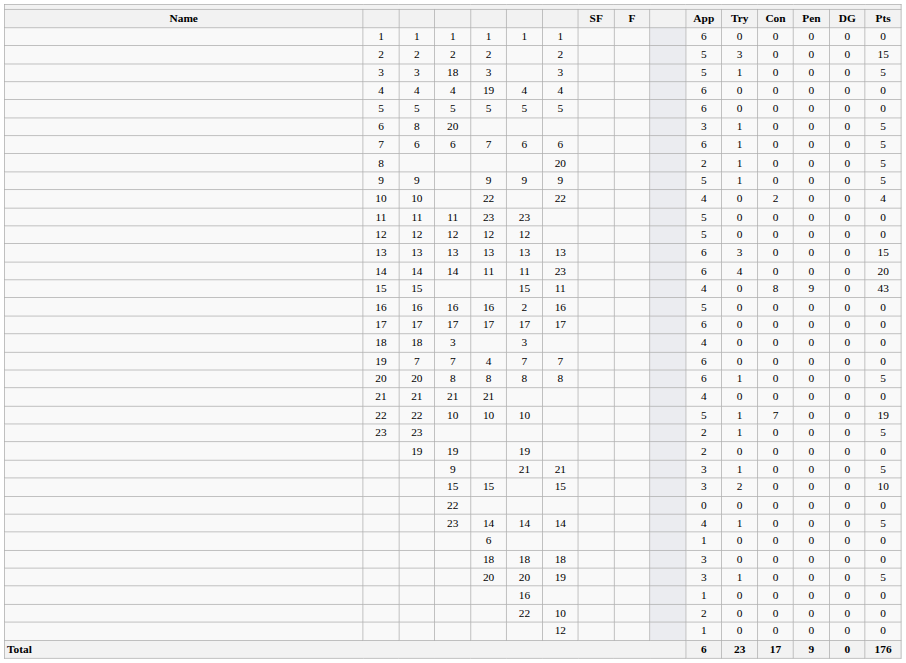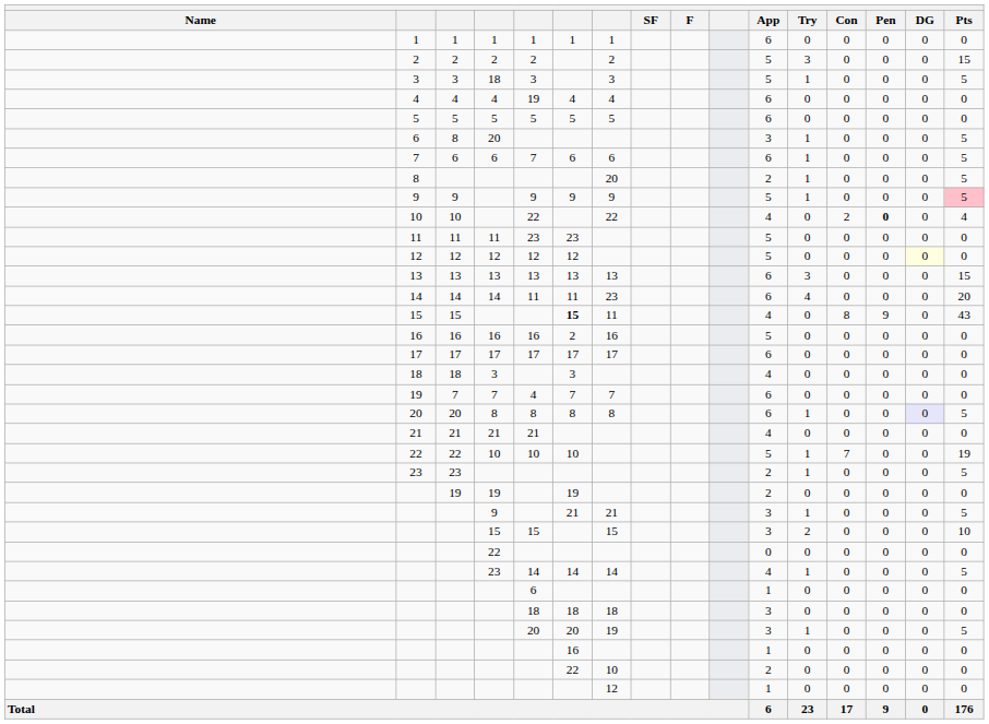 <table class="wikitable collapsible collapsed" style="text-align:center; font-size:100%; width:100%">
 <tr>
 <th colspan="100%"></th>
 </tr>
 <tr>
 <th style="width:40%;">Name</th>
 <th style="width:4%;"></th>
 <th style="width:4%;"></th>
 <th style="width:4%;"></th>
 <th style="width:4%;"></th>
 <th style="width:4%;"></th>
 <th style="width:4%;"></th>
 <th style="width:4%;">SF</th>
 <th style="width:4%;">F</th>
 <th style="width:4%;"></th>
 <th style="width:4%;">App</th>
 <th style="width:4%;">Try</th>
 <th style="width:4%;">Con</th>
 <th style="width:4%;">Pen</th>
 <th style="width:4%;">DG</th>
 <th style="width:4%;">Pts</th>
 </tr>
 <tr>
 <td style="text-align:left;"></td>
 <td>1</td>
 <td>1</td>
 <td>1</td>
 <td>1</td>
 <td>1</td>
 <td>1</td>
 <td></td>
 <td></td>
 <td style="background:#EBECF0;"></td>
 <td>6</td>
 <td>0</td>
 <td>0</td>
 <td>0</td>
 <td>0</td>
 <td>0</td>
 </tr>
 <tr>
 <td style="text-align:left;"></td>
 <td>2</td>
 <td>2</td>
 <td>2</td>
 <td>2</td>
 <td></td>
 <td>2</td>
 <td></td>
 <td></td>
 <td style="background:#EBECF0;"></td>
 <td>5</td>
 <td>3</td>
 <td>0</td>
 <td>0</td>
 <td>0</td>
 <td>15</td>
 </tr>
 <tr>
 <td style="text-align:left;"></td>
 <td>3</td>
 <td>3</td>
 <td>18 </td>
 <td>3</td>
 <td></td>
 <td>3</td>
 <td></td>
 <td></td>
 <td style="background:#EBECF0;"></td>
 <td>5</td>
 <td>1</td>
 <td>0</td>
 <td>0</td>
 <td>0</td>
 <td>5</td>
 </tr>
 <tr>
 <td style="text-align:left;"></td>
 <td>4</td>
 <td>4</td>
 <td>4</td>
 <td>19 </td>
 <td>4</td>
 <td>4</td>
 <td></td>
 <td></td>
 <td style="background:#EBECF0;"></td>
 <td>6</td>
 <td>0</td>
 <td>0</td>
 <td>0</td>
 <td>0</td>
 <td>0</td>
 </tr>
 <tr>
 <td style="text-align:left;"></td>
 <td>5</td>
 <td>5</td>
 <td>5</td>
 <td>5</td>
 <td>5</td>
 <td>5</td>
 <td></td>
 <td></td>
 <td style="background:#EBECF0;"></td>
 <td>6</td>
 <td>0</td>
 <td>0</td>
 <td>0</td>
 <td>0</td>
 <td>0</td>
 </tr>
 <tr>
 <td style="text-align:left;"></td>
 <td>6</td>
 <td>8</td>
 <td>20 </td>
 <td></td>
 <td></td>
 <td></td>
 <td></td>
 <td></td>
 <td style="background:#EBECF0;"></td>
 <td>3</td>
 <td>1</td>
 <td>0</td>
 <td>0</td>
 <td>0</td>
 <td>5</td>
 </tr>
 <tr>
 <td style="text-align:left;"></td>
 <td>7</td>
 <td>6</td>
 <td>6</td>
 <td>7</td>
 <td>6</td>
 <td>6</td>
 <td></td>
 <td></td>
 <td style="background:#EBECF0;"></td>
 <td>6</td>
 <td>1</td>
 <td>0</td>
 <td>0</td>
 <td>0</td>
 <td>5</td>
 </tr>
 <tr>
 <td style="text-align:left;"></td>
 <td>8</td>
 <td></td>
 <td></td>
 <td></td>
 <td></td>
 <td>20 </td>
 <td></td>
 <td></td>
 <td style="background:#EBECF0;"></td>
 <td>2</td>
 <td>1</td>
 <td>0</td>
 <td>0</td>
 <td>0</td>
 <td>5</td>
 </tr>
 <tr>
 <td style="text-align:left;"></td>
 <td>9</td>
 <td>9</td>
 <td></td>
 <td>9</td>
 <td>9</td>
 <td>9</td>
 <td></td>
 <td></td>
 <td style="background:#EBECF0;"></td>
 <td>5</td>
 <td>1</td>
 <td>0</td>
 <td>0</td>
 <td>0</td>
-<td>5</td>
+<td style="background: pink;">5</td>
 </tr>
 <tr>
 <td style="text-align:left;"></td>
 <td>10</td>
 <td>10</td>
 <td></td>
 <td>22 </td>
 <td></td>
 <td>22 </td>
 <td></td>
 <td></td>
 <td style="background:#EBECF0;"></td>
 <td>4</td>
 <td>0</td>
 <td>2</td>
-<td>0</td>
+<td><strong>0</strong></td>
 <td>0</td>
 <td>4</td>
 </tr>
 <tr>
 <td style="text-align:left;"></td>
 <td>11</td>
 <td>11</td>
 <td>11</td>
 <td>23 </td>
 <td>23 </td>
 <td></td>
 <td></td>
 <td></td>
 <td style="background:#EBECF0;"></td>
 <td>5</td>
 <td>0</td>
 <td>0</td>
 <td>0</td>
 <td>0</td>
 <td>0</td>
 </tr>
 <tr>
 <td style="text-align:left;"></td>
 <td>12</td>
 <td>12</td>
 <td>12</td>
 <td>12</td>
 <td>12</td>
 <td></td>
 <td></td>
 <td></td>
 <td style="background:#EBECF0;"></td>
 <td>5</td>
 <td>0</td>
 <td>0</td>
 <td>0</td>
-<td>0</td>
+<td style="background: lightyellow;">0</td>
 <td>0</td>
 </tr>
 <tr>
 <td style="text-align:left;"></td>
 <td>13</td>
 <td>13</td>
 <td>13</td>
 <td>13</td>
 <td>13</td>
 <td>13</td>
 <td></td>
 <td></td>
 <td style="background:#EBECF0;"></td>
 <td>6</td>
 <td>3</td>
 <td>0</td>
 <td>0</td>
 <td>0</td>
 <td>15</td>
 </tr>
 <tr>
 <td style="text-align:left;"></td>
 <td>14</td>
 <td>14</td>
 <td>14</td>
 <td>11</td>
 <td>11</td>
 <td>23 </td>
 <td></td>
 <td></td>
 <td style="background:#EBECF0;"></td>
 <td>6</td>
 <td>4</td>
 <td>0</td>
 <td>0</td>
 <td>0</td>
 <td>20</td>
 </tr>
 <tr>
 <td style="text-align:left;"></td>
 <td>15</td>
 <td>15</td>
 <td></td>
 <td></td>
-<td>15</td>
+<td><strong>15</strong></td>
 <td>11</td>
 <td></td>
 <td></td>
 <td style="background:#EBECF0;"></td>
 <td>4</td>
 <td>0</td>
 <td>8</td>
 <td>9</td>
 <td>0</td>
 <td>43</td>
 </tr>
 <tr>
 <td style="text-align:left;"></td>
 <td>16 </td>
 <td>16 </td>
 <td>16 </td>
 <td>16 </td>
 <td>2</td>
 <td>16</td>
 <td></td>
 <td></td>
 <td style="background:#EBECF0;"></td>
 <td>5</td>
 <td>0</td>
 <td>0</td>
 <td>0</td>
 <td>0</td>
 <td>0</td>
 </tr>
 <tr>
 <td style="text-align:left;"></td>
 <td>17 </td>
 <td>17 </td>
 <td>17 </td>
 <td>17 </td>
 <td>17 </td>
 <td>17 </td>
 <td></td>
 <td></td>
 <td style="background:#EBECF0;"></td>
 <td>6</td>
 <td>0</td>
 <td>0</td>
 <td>0</td>
 <td>0</td>
 <td>0</td>
 </tr>
 <tr>
 <td style="text-align:left;"></td>
 <td>18 </td>
 <td>18 </td>
 <td>3</td>
 <td></td>
 <td>3</td>
 <td></td>
 <td></td>
 <td></td>
 <td style="background:#EBECF0;"></td>
 <td>4</td>
 <td>0</td>
 <td>0</td>
 <td>0</td>
 <td>0</td>
 <td>0</td>
 </tr>
 <tr>
 <td style="text-align:left;"></td>
 <td>19 </td>
 <td>7</td>
 <td>7</td>
 <td>4</td>
 <td>7</td>
 <td>7</td>
 <td></td>
 <td></td>
 <td style="background:#EBECF0;"></td>
 <td>6</td>
 <td>0</td>
 <td>0</td>
 <td>0</td>
 <td>0</td>
 <td>0</td>
 </tr>
 <tr>
 <td style="text-align:left;"></td>
 <td>20 </td>
 <td>20 </td>
 <td>8</td>
 <td>8</td>
 <td>8</td>
 <td>8</td>
 <td></td>
 <td></td>
 <td style="background:#EBECF0;"></td>
 <td>6</td>
 <td>1</td>
 <td>0</td>
 <td>0</td>
-<td>0</td>
+<td style="background: lavender;">0</td>
 <td>5</td>
 </tr>
 <tr>
 <td style="text-align:left;"></td>
 <td>21 </td>
 <td>21 </td>
 <td>21 </td>
 <td>21 </td>
 <td></td>
 <td></td>
 <td></td>
 <td></td>
 <td style="background:#EBECF0;"></td>
 <td>4</td>
 <td>0</td>
 <td>0</td>
 <td>0</td>
 <td>0</td>
 <td>0</td>
 </tr>
 <tr>
 <td style="text-align:left;"></td>
 <td>22 </td>
 <td>22 </td>
 <td>10</td>
 <td>10</td>
 <td>10</td>
 <td></td>
 <td></td>
 <td></td>
 <td style="background:#EBECF0;"></td>
 <td>5</td>
 <td>1</td>
 <td>7</td>
 <td>0</td>
 <td>0</td>
 <td>19</td>
 </tr>
 <tr>
 <td style="text-align:left;"></td>
 <td>23 </td>
 <td>23 </td>
 <td></td>
 <td></td>
 <td></td>
 <td></td>
 <td></td>
 <td></td>
 <td style="background:#EBECF0;"></td>
 <td>2</td>
 <td>1</td>
 <td>0</td>
 <td>0</td>
 <td>0</td>
 <td>5</td>
 </tr>
 <tr>
 <td style="text-align:left;"></td>
 <td></td>
 <td>19 </td>
 <td>19</td>
 <td></td>
 <td>19 </td>
 <td></td>
 <td></td>
 <td></td>
 <td style="background:#EBECF0;"></td>
 <td>2</td>
 <td>0</td>
 <td>0</td>
 <td>0</td>
 <td>0</td>
 <td>0</td>
 </tr>
 <tr>
 <td style="text-align:left;"></td>
 <td></td>
 <td></td>
 <td>9</td>
 <td></td>
 <td>21 </td>
 <td>21 </td>
 <td></td>
 <td></td>
 <td style="background:#EBECF0;"></td>
 <td>3</td>
 <td>1</td>
 <td>0</td>
 <td>0</td>
 <td>0</td>
 <td>5</td>
 </tr>
 <tr>
 <td style="text-align:left;"></td>
 <td></td>
 <td></td>
 <td>15</td>
 <td>15</td>
 <td></td>
 <td>15</td>
 <td></td>
 <td></td>
 <td style="background:#EBECF0;"></td>
 <td>3</td>
 <td>2</td>
 <td>0</td>
 <td>0</td>
 <td>0</td>
 <td>10</td>
 </tr>
 <tr>
 <td style="text-align:left;"></td>
 <td></td>
 <td></td>
 <td>22</td>
 <td></td>
 <td></td>
 <td></td>
 <td></td>
 <td></td>
 <td style="background:#EBECF0;"></td>
 <td>0</td>
 <td>0</td>
 <td>0</td>
 <td>0</td>
 <td>0</td>
 <td>0</td>
 </tr>
 <tr>
 <td style="text-align:left;"></td>
 <td></td>
 <td></td>
 <td>23 </td>
 <td>14</td>
 <td>14</td>
 <td>14</td>
 <td></td>
 <td></td>
 <td style="background:#EBECF0;"></td>
 <td>4</td>
 <td>1</td>
 <td>0</td>
 <td>0</td>
 <td>0</td>
 <td>5</td>
 </tr>
 <tr>
 <td style="text-align:left;"></td>
 <td></td>
 <td></td>
 <td></td>
 <td>6</td>
 <td></td>
 <td></td>
 <td></td>
 <td></td>
 <td style="background:#EBECF0;"></td>
 <td>1</td>
 <td>0</td>
 <td>0</td>
 <td>0</td>
 <td>0</td>
 <td>0</td>
 </tr>
 <tr>
 <td style="text-align:left;"></td>
 <td></td>
 <td></td>
 <td></td>
 <td>18 </td>
 <td>18 </td>
 <td>18 </td>
 <td></td>
 <td></td>
 <td style="background:#EBECF0;"></td>
 <td>3</td>
 <td>0</td>
 <td>0</td>
 <td>0</td>
 <td>0</td>
 <td>0</td>
 </tr>
 <tr>
 <td style="text-align:left;"></td>
 <td></td>
 <td></td>
 <td></td>
 <td>20 </td>
 <td>20 </td>
 <td>19 </td>
 <td></td>
 <td></td>
 <td style="background:#EBECF0;"></td>
 <td>3</td>
 <td>1</td>
 <td>0</td>
 <td>0</td>
 <td>0</td>
 <td>5</td>
 </tr>
 <tr>
 <td style="text-align:left;"></td>
 <td></td>
 <td></td>
 <td></td>
 <td></td>
 <td>16 </td>
 <td></td>
 <td></td>
 <td></td>
 <td style="background:#EBECF0;"></td>
 <td>1</td>
 <td>0</td>
 <td>0</td>
 <td>0</td>
 <td>0</td>
 <td>0</td>
 </tr>
 <tr>
 <td style="text-align:left;"></td>
 <td></td>
 <td></td>
 <td></td>
 <td></td>
 <td>22 </td>
 <td>10</td>
 <td></td>
 <td></td>
 <td style="background:#EBECF0;"></td>
 <td>2</td>
 <td>0</td>
 <td>0</td>
 <td>0</td>
 <td>0</td>
 <td>0</td>
 </tr>
 <tr>
 <td style="text-align:left;"></td>
 <td></td>
 <td></td>
 <td></td>
 <td></td>
 <td></td>
 <td>12</td>
 <td></td>
 <td></td>
 <td style="background:#EBECF0;"></td>
 <td>1</td>
 <td>0</td>
 <td>0</td>
 <td>0</td>
 <td>0</td>
 <td>0</td>
 </tr>
 <tr>
 <th colspan="10" style="text-align:left;">Total</th>
 <th>6</th>
 <th>23</th>
 <th>17</th>
 <th>9</th>
 <th>0</th>
 <th>176</th>
 </tr>
 </table>
